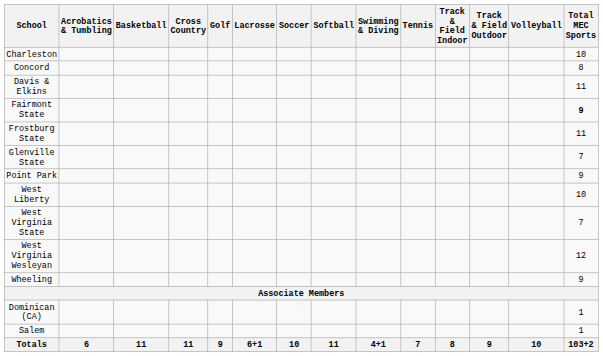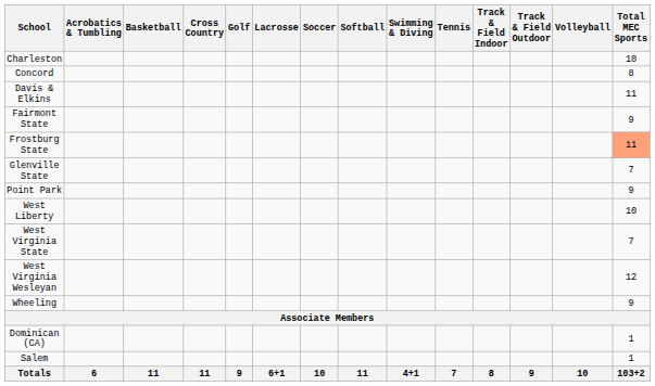 <table class="wikitable" style="text-align:center; width:80%">
 <tr>
 <th>School</th>
 <th>Acrobatics<br>& Tumbling</th>
 <th>Basketball</th>
 <th>Cross<br>Country</th>
 <th>Golf</th>
 <th>Lacrosse</th>
 <th>Soccer</th>
 <th>Softball</th>
 <th>Swimming<br>& Diving</th>
 <th>Tennis</th>
 <th>Track<br>& Field<br>Indoor</th>
 <th>Track<br>& Field<br>Outdoor</th>
 <th>Volleyball</th>
 <th>Total MEC<br>Sports</th>
 </tr>
 <tr>
 <td>Charleston</td>
 <td></td>
 <td></td>
 <td></td>
 <td></td>
 <td></td>
 <td></td>
 <td></td>
 <td></td>
 <td></td>
 <td></td>
 <td></td>
 <td></td>
 <td>10</td>
 </tr>
 <tr>
 <td>Concord</td>
 <td></td>
 <td></td>
 <td></td>
 <td></td>
 <td></td>
 <td></td>
 <td></td>
 <td></td>
 <td></td>
 <td></td>
 <td></td>
 <td></td>
 <td>8</td>
 </tr>
 <tr>
 <td>Davis & Elkins</td>
 <td></td>
 <td></td>
 <td></td>
 <td></td>
 <td></td>
 <td></td>
 <td></td>
 <td></td>
 <td></td>
 <td></td>
 <td></td>
 <td></td>
 <td>11</td>
 </tr>
 <tr>
 <td>Fairmont State</td>
 <td></td>
 <td></td>
 <td></td>
 <td></td>
 <td></td>
 <td></td>
 <td></td>
 <td></td>
 <td></td>
 <td></td>
 <td></td>
 <td></td>
-<td><strong>9</strong></td>
+<td>9</td>
 </tr>
 <tr>
 <td>Frostburg State</td>
 <td></td>
 <td></td>
 <td></td>
 <td></td>
 <td></td>
 <td></td>
 <td></td>
 <td></td>
 <td></td>
 <td></td>
 <td></td>
 <td></td>
-<td>11</td>
+<td style="background: lightsalmon;">11</td>
 </tr>
 <tr>
 <td>Glenville State</td>
 <td></td>
 <td></td>
 <td></td>
 <td></td>
 <td></td>
 <td></td>
 <td></td>
 <td></td>
 <td></td>
 <td></td>
 <td></td>
 <td></td>
 <td>7</td>
 </tr>
 <tr>
 <td>Point Park</td>
 <td></td>
 <td></td>
 <td></td>
 <td></td>
 <td></td>
 <td></td>
 <td></td>
 <td></td>
 <td></td>
 <td></td>
 <td></td>
 <td></td>
 <td>9</td>
 </tr>
 <tr>
 <td>West Liberty</td>
 <td></td>
 <td></td>
 <td></td>
 <td></td>
 <td></td>
 <td></td>
 <td></td>
 <td></td>
 <td></td>
 <td></td>
 <td></td>
 <td></td>
 <td>10</td>
 </tr>
 <tr>
 <td>West Virginia State</td>
 <td></td>
 <td></td>
 <td></td>
 <td></td>
 <td></td>
 <td></td>
 <td></td>
 <td></td>
 <td></td>
 <td></td>
 <td></td>
 <td></td>
 <td>7</td>
 </tr>
 <tr>
 <td>West Virginia Wesleyan</td>
 <td></td>
 <td></td>
 <td></td>
 <td></td>
 <td></td>
 <td></td>
 <td></td>
 <td></td>
 <td></td>
 <td></td>
 <td></td>
 <td></td>
 <td>12</td>
 </tr>
 <tr>
 <td>Wheeling</td>
 <td></td>
 <td></td>
 <td></td>
 <td></td>
 <td></td>
 <td></td>
 <td></td>
 <td></td>
 <td></td>
 <td></td>
 <td></td>
 <td></td>
 <td>9</td>
 </tr>
 <tr>
 <th colspan="14">Associate Members</th>
 </tr>
 <tr>
 <td>Dominican (CA)</td>
 <td></td>
 <td></td>
 <td></td>
 <td></td>
 <td></td>
 <td></td>
 <td></td>
 <td></td>
 <td></td>
 <td></td>
 <td></td>
 <td></td>
 <td>1</td>
 </tr>
 <tr>
 <td>Salem</td>
 <td></td>
 <td></td>
 <td></td>
 <td></td>
 <td></td>
 <td></td>
 <td></td>
 <td></td>
 <td></td>
 <td></td>
 <td></td>
 <td></td>
 <td>1</td>
 </tr>
 <tr>
 <th><strong>Totals</strong></th>
 <th>6</th>
 <th>11</th>
 <th>11</th>
 <th>9</th>
 <th>6+1</th>
 <th>10</th>
 <th>11</th>
 <th>4+1</th>
 <th>7</th>
 <th>8</th>
 <th>9</th>
 <th>10</th>
 <th>103+2</th>
 </tr>
 </table>
